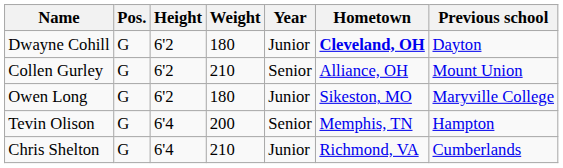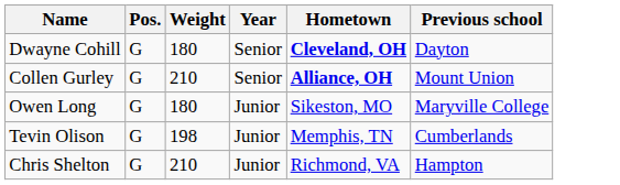 <table class="wikitable sortable" border="1">
 <tr align=center>
 <th>Name</th>
 <th>Pos.</th>
-<th>Height</th>
 <th>Weight</th>
 <th>Year</th>
 <th>Hometown</th>
 <th>Previous school</th>
 </tr>
 <tr>
 <td>Dwayne Cohill</td>
 <td>G</td>
-<td>6'2</td>
 <td>180</td>
-<td>Junior</td>
+<td>Senior</td>
 <td><strong><a href='#'>Cleveland, OH</a></strong></td>
 <td><a href='#'>Dayton</a></td>
 </tr>
 <tr>
 <td>Collen Gurley</td>
 <td>G</td>
-<td>6'2</td>
 <td>210</td>
 <td>Senior</td>
-<td><a href='#'>Alliance, OH</a></td>
+<td><strong><a href='#'>Alliance, OH</a></strong></td>
 <td><a href='#'>Mount Union</a></td>
 </tr>
 <tr>
 <td>Owen Long</td>
 <td>G</td>
-<td>6'2</td>
 <td>180</td>
 <td>Junior</td>
 <td><a href='#'>Sikeston, MO</a></td>
 <td><a href='#'>Maryville College</a></td>
 </tr>
 <tr>
 <td>Tevin Olison</td>
 <td>G</td>
-<td>6'4</td>
-<td>200</td>
-<td>Senior</td>
+<td>198</td>
+<td>Junior</td>
 <td><a href='#'>Memphis, TN</a></td>
-<td><a href='#'>Hampton</a></td>
+<td><a href='#'>Cumberlands</a></td>
 </tr>
 <tr>
 <td>Chris Shelton</td>
 <td>G</td>
-<td>6'4</td>
 <td>210</td>
 <td>Junior</td>
 <td><a href='#'>Richmond, VA</a></td>
-<td><a href='#'>Cumberlands</a></td>
+<td><a href='#'>Hampton</a></td>
 </tr>
 </table>
